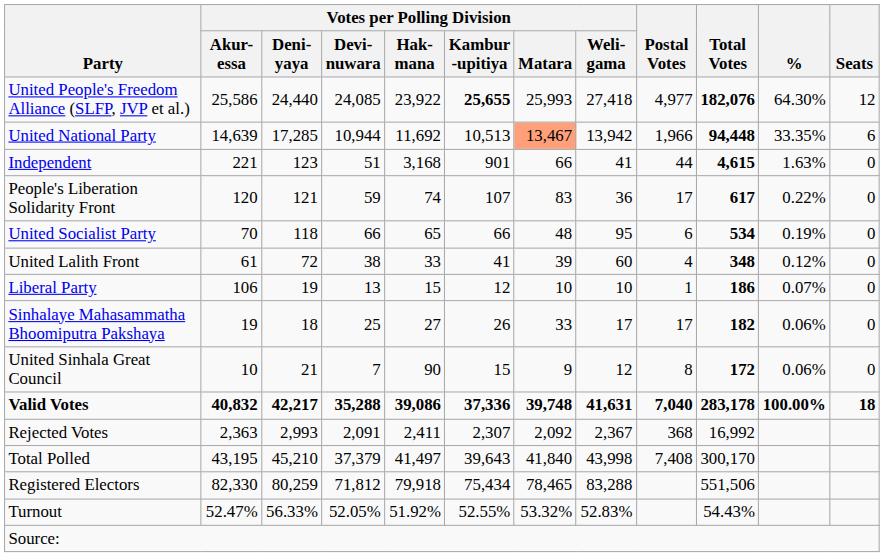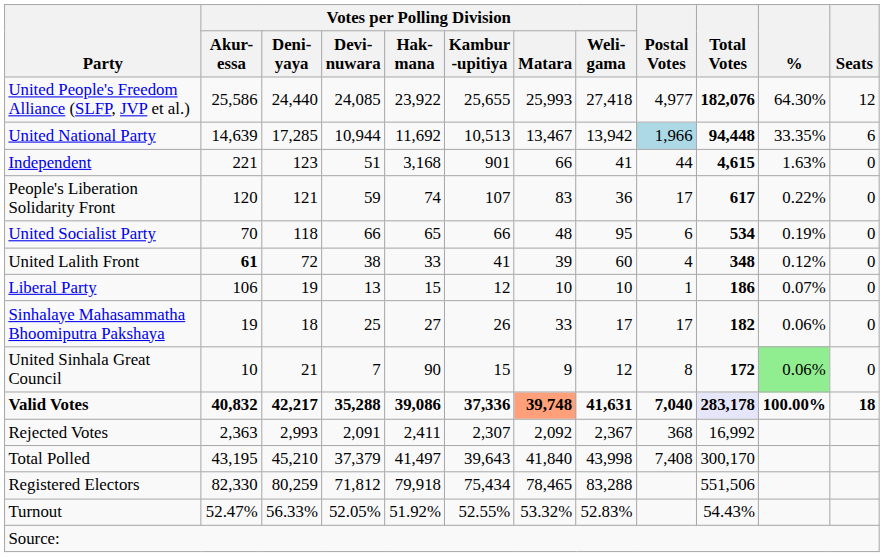 <table class="wikitable" border="1" style="text-align:right;">
 <tr>
 <th align=left valign=bottom rowspan=2 width="180">Party</th>
 <th colspan=7>Votes per Polling Division</th>
 <th align=center valign=bottom rowspan=2 width="50">Postal<br>Votes</th>
 <th align=center valign=bottom rowspan=2 width="50">Total Votes</th>
 <th align=center valign=bottom rowspan=2 width="50">%</th>
 <th align=center valign=bottom rowspan=2 width="40">Seats</th>
 </tr>
 <tr>
 <th align=center valign=bottom width="50">Akur-<br>essa</th>
 <th align=center valign=bottom width="50">Deni-<br>yaya</th>
 <th align=center valign=bottom width="50">Devi-<br>nuwara</th>
 <th align=center valign=bottom width="50">Hak-<br>mana</th>
 <th align=center valign=bottom width="50">Kambur<br>-upitiya</th>
 <th align=center valign=bottom width="50">Matara</th>
 <th align=center valign=bottom width="50">Weli-<br>gama</th>
 </tr>
 <tr>
 <td align=left><a href='#'>United People's Freedom Alliance</a> (<a href='#'>SLFP</a>, <a href='#'>JVP</a> et al.)</td>
 <td>25,586</td>
 <td>24,440</td>
 <td>24,085</td>
 <td>23,922</td>
-<td><strong>25,655</strong></td>
+<td>25,655</td>
 <td>25,993</td>
 <td>27,418</td>
 <td>4,977</td>
 <td><strong>182,076</strong></td>
 <td>64.30%</td>
 <td>12</td>
 </tr>
 <tr>
 <td align=left><a href='#'>United National Party</a></td>
 <td>14,639</td>
 <td>17,285</td>
 <td>10,944</td>
 <td>11,692</td>
 <td>10,513</td>
-<td style="background: lightsalmon;">13,467</td>
+<td>13,467</td>
 <td>13,942</td>
-<td>1,966</td>
+<td style="background: lightblue;">1,966</td>
 <td><strong>94,448</strong></td>
 <td>33.35%</td>
 <td>6</td>
 </tr>
 <tr>
 <td align=left><a href='#'>Independent</a></td>
 <td>221</td>
 <td>123</td>
 <td>51</td>
 <td>3,168</td>
 <td>901</td>
 <td>66</td>
 <td>41</td>
 <td>44</td>
 <td><strong>4,615</strong></td>
 <td>1.63%</td>
 <td>0</td>
 </tr>
 <tr>
 <td align=left>People's Liberation Solidarity Front</td>
 <td>120</td>
 <td>121</td>
 <td>59</td>
 <td>74</td>
 <td>107</td>
 <td>83</td>
 <td>36</td>
 <td>17</td>
 <td><strong>617</strong></td>
 <td>0.22%</td>
 <td>0</td>
 </tr>
 <tr>
 <td align=left><a href='#'>United Socialist Party</a></td>
 <td>70</td>
 <td>118</td>
 <td>66</td>
 <td>65</td>
 <td>66</td>
 <td>48</td>
 <td>95</td>
 <td>6</td>
 <td><strong>534</strong></td>
 <td>0.19%</td>
 <td>0</td>
 </tr>
 <tr>
 <td align=left>United Lalith Front</td>
-<td>61</td>
+<td><strong>61</strong></td>
 <td>72</td>
 <td>38</td>
 <td>33</td>
 <td>41</td>
 <td>39</td>
 <td>60</td>
 <td>4</td>
 <td><strong>348</strong></td>
 <td>0.12%</td>
 <td>0</td>
 </tr>
 <tr>
 <td align=left><a href='#'>Liberal Party</a></td>
 <td>106</td>
 <td>19</td>
 <td>13</td>
 <td>15</td>
 <td>12</td>
 <td>10</td>
 <td>10</td>
 <td>1</td>
 <td><strong>186</strong></td>
 <td>0.07%</td>
 <td>0</td>
 </tr>
 <tr>
 <td align=left><a href='#'>Sinhalaye Mahasammatha Bhoomiputra Pakshaya</a></td>
 <td>19</td>
 <td>18</td>
 <td>25</td>
 <td>27</td>
 <td>26</td>
 <td>33</td>
 <td>17</td>
 <td>17</td>
 <td><strong>182</strong></td>
 <td>0.06%</td>
 <td>0</td>
 </tr>
 <tr>
 <td align=left>United Sinhala Great Council</td>
 <td>10</td>
 <td>21</td>
 <td>7</td>
 <td>90</td>
 <td>15</td>
 <td>9</td>
 <td>12</td>
 <td>8</td>
 <td><strong>172</strong></td>
-<td>0.06%</td>
+<td style="background: lightgreen;">0.06%</td>
 <td>0</td>
 </tr>
 <tr>
 <td align=left><strong>Valid Votes</strong></td>
 <td><strong>40,832</strong></td>
 <td><strong>42,217</strong></td>
 <td><strong>35,288</strong></td>
 <td><strong>39,086</strong></td>
 <td><strong>37,336</strong></td>
-<td><strong>39,748</strong></td>
+<td style="background: lightsalmon;"><strong>39,748</strong></td>
 <td><strong>41,631</strong></td>
 <td><strong>7,040</strong></td>
-<td><strong>283,178</strong></td>
+<td style="background: lavender;"><strong>283,178</strong></td>
 <td><strong>100.00%</strong></td>
 <td><strong>18</strong></td>
 </tr>
 <tr>
 <td align=left>Rejected Votes</td>
 <td>2,363</td>
 <td>2,993</td>
 <td>2,091</td>
 <td>2,411</td>
 <td>2,307</td>
 <td>2,092</td>
 <td>2,367</td>
 <td>368</td>
 <td>16,992</td>
 <td></td>
 <td></td>
 </tr>
 <tr>
 <td align=left>Total Polled</td>
 <td>43,195</td>
 <td>45,210</td>
 <td>37,379</td>
 <td>41,497</td>
 <td>39,643</td>
 <td>41,840</td>
 <td>43,998</td>
 <td>7,408</td>
 <td>300,170</td>
 <td></td>
 <td></td>
 </tr>
 <tr>
 <td align=left>Registered Electors</td>
 <td>82,330</td>
 <td>80,259</td>
 <td>71,812</td>
 <td>79,918</td>
 <td>75,434</td>
 <td>78,465</td>
 <td>83,288</td>
 <td></td>
 <td>551,506</td>
 <td></td>
 <td></td>
 </tr>
 <tr>
 <td align=left>Turnout</td>
 <td>52.47%</td>
 <td>56.33%</td>
 <td>52.05%</td>
 <td>51.92%</td>
 <td>52.55%</td>
 <td>53.32%</td>
 <td>52.83%</td>
 <td></td>
 <td>54.43%</td>
 <td></td>
 <td></td>
 </tr>
 <tr>
 <td align=left colspan=13>Source:</td>
 </tr>
 </table>
